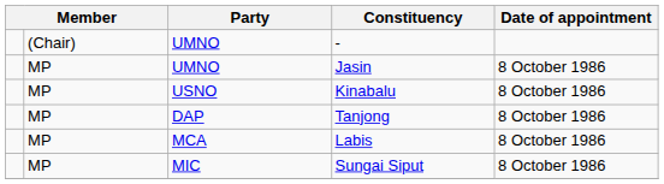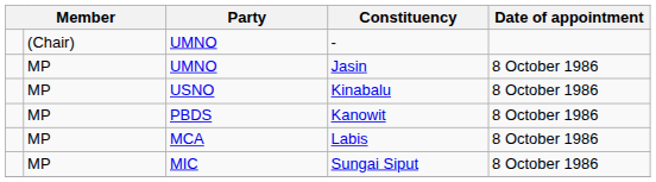 <table class="sortable wikitable">
 <tr>
 <th width="160px" colspan="2" valign="top">Member</th>
 <th width="160px" valign="top">Party</th>
 <th width="160px" valign="top">Constituency</th>
 <th width="160px" valign="top">Date of appointment</th>
 </tr>
 <tr>
 <td></td>
 <td> (Chair)</td>
 <td><a href='#'>UMNO</a></td>
 <td>-</td>
 <td></td>
 </tr>
 <tr>
 <td></td>
 <td> MP</td>
 <td><a href='#'>UMNO</a></td>
 <td><a href='#'>Jasin</a></td>
 <td>8 October 1986</td>
 </tr>
 <tr>
 <td></td>
 <td> MP</td>
 <td><a href='#'>USNO</a></td>
 <td><a href='#'>Kinabalu</a></td>
 <td>8 October 1986</td>
 </tr>
 <tr>
 <td></td>
 <td> MP</td>
-<td><a href='#'>DAP</a></td>
-<td><a href='#'>Tanjong</a></td>
+<td><a href='#'>PBDS</a></td>
+<td><a href='#'>Kanowit</a></td>
 <td>8 October 1986</td>
 </tr>
 <tr>
 <td></td>
 <td> MP</td>
 <td><a href='#'>MCA</a></td>
 <td><a href='#'>Labis</a></td>
 <td>8 October 1986</td>
 </tr>
 <tr>
 <td></td>
 <td> MP</td>
 <td><a href='#'>MIC</a></td>
 <td><a href='#'>Sungai Siput</a></td>
 <td>8 October 1986</td>
 </tr>
 <tr>
 </tr>
 </table>
